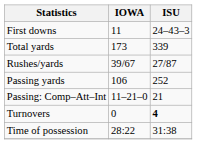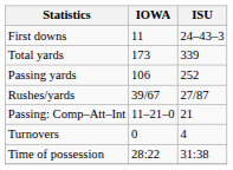 <table class="wikitable" style="float: left;">
 <tr>
 <th>Statistics</th>
 <th>IOWA</th>
 <th>ISU</th>
 </tr>
 <tr>
 <td>First downs</td>
 <td>11</td>
 <td>24–43–3</td>
 </tr>
 <tr>
 <td>Total yards</td>
 <td>173</td>
 <td>339</td>
 </tr>
 <tr>
+<td>Passing yards</td>
+<td>106</td>
+<td>252</td>
+</tr>
+<tr>
 <td>Rushes/yards</td>
 <td>39/67</td>
 <td>27/87</td>
-</tr>
-<tr>
-<td>Passing yards</td>
-<td>106</td>
-<td>252</td>
 </tr>
 <tr>
 <td>Passing: Comp–Att–Int</td>
 <td>11–21–0</td>
 <td>21</td>
 </tr>
 <tr>
 <td>Turnovers</td>
 <td>0</td>
-<td><strong>4</strong></td>
+<td>4</td>
 </tr>
 <tr>
 <td>Time of possession</td>
 <td>28:22</td>
 <td>31:38</td>
 </tr>
 <tr>
 </tr>
 </table>
